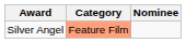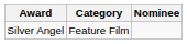 <table class="wikitable sortable">
 <tr>
 <th>Award</th>
 <th>Category</th>
 <th>Nominee</th>
 </tr>
 <tr>
 <td rowspan="2">Silver Angel</td>
-<td style="background: lightsalmon;">Feature Film</td>
+<td>Feature Film</td>
 <td></td>
 </tr>
 </table>
